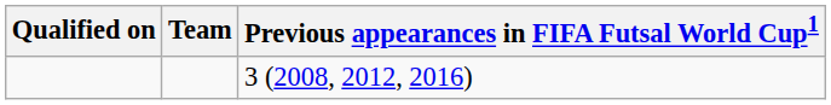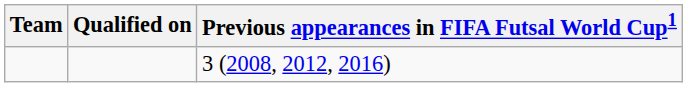 <table class="wikitable sortable">
 <tr>
+<th>Team</th>
 <th>Qualified on</th>
-<th>Team</th>
 <th data-sort-type="number">Previous <a href='#'>appearances</a> in <a href='#'>FIFA Futsal World Cup</a><sup><strong><a href='#'>1</a></strong></sup></th>
 </tr>
 <tr>
 <td></td>
 <td></td>
 <td>3 (<a href='#'>2008</a>, <a href='#'>2012</a>, <a href='#'>2016</a>)</td>
 </tr>
 </table>
